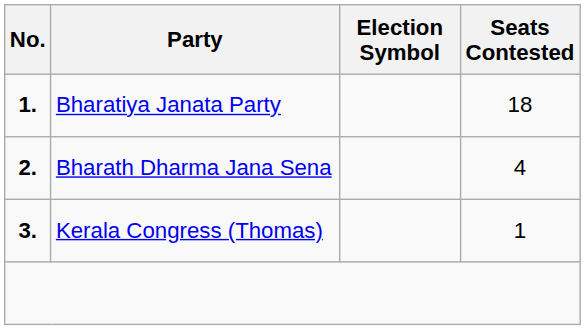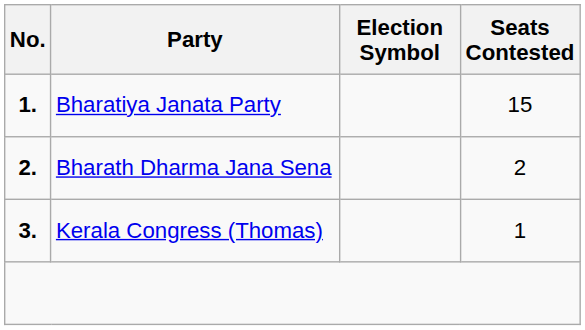 <table class="wikitable">
 <tr style="height: 50px;">
 <th scope="col" style="width:4px;">No.<br></th>
 <th scope="col" style="width:200px;">Party</th>
 <th scope="col" style="width:80px;">Election Symbol</th>
 <th scope="col" style="width:60px;">Seats Contested</th>
 </tr>
 <tr style="height: 45px;">
 <td ! style="text-align:center; background:"><strong>1.</strong></td>
 <td><a href='#'>Bharatiya Janata Party</a></td>
 <td style="text-align:center;"></td>
-<td style="text-align:center;">18</td>
+<td style="text-align:center;">15</td>
 </tr>
 <tr style="height: 45px;">
 <td ! style="text-align:center; background:"><strong>2.</strong></td>
 <td><a href='#'>Bharath Dharma Jana Sena</a></td>
 <td style="text-align:center;"></td>
-<td style="text-align:center;">4</td>
+<td style="text-align:center;">2</td>
 </tr>
 <tr style="height: 45px;">
 <td ! style="text-align:center; background:"><strong>3.</strong></td>
 <td><a href='#'>Kerala Congress (Thomas)</a></td>
 <td style="text-align:center;"></td>
 <td style="text-align:center;">1</td>
 </tr>
 <tr style="height: 45px;">
 </tr>
 </table>
